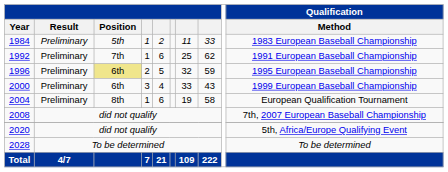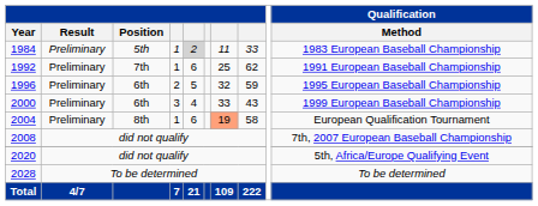 <table class="wikitable" style="font-size:90%; text-align:center;">
 <tr>
 <th style="background:#003399;" colspan="8"><a href='#'></a></th>
 <th style="background:white; width:1%;" rowspan="16"></th>
 <th style="background:#003399; color:#FFFFFF;">Qualification</th>
 </tr>
 <tr>
 <th>Year</th>
 <th>Result</th>
 <th>Position</th>
 <th></th>
 <th></th>
 <th></th>
 <th></th>
 <th></th>
 <th>Method</th>
 </tr>
 <tr>
 <td> <a href='#'>1984</a></td>
 <td><em>Preliminary</em></td>
 <td><em>5th</em></td>
 <td><em>1</em></td>
-<td><em>2</em></td>
+<td style="background: lightgrey;"><em>2</em></td>
 <td></td>
 <td><em>11</em></td>
 <td><em>33</em></td>
 <td> <a href='#'>1983 European Baseball Championship</a></td>
 </tr>
 <tr>
 <td> <a href='#'>1992</a></td>
 <td>Preliminary</td>
 <td>7th</td>
 <td>1</td>
 <td>6</td>
 <td></td>
 <td>25</td>
 <td>62</td>
 <td> <a href='#'>1991 European Baseball Championship</a></td>
 </tr>
 <tr>
 <td> <a href='#'>1996</a></td>
 <td>Preliminary</td>
-<td style="background: khaki;">6th</td>
+<td>6th</td>
 <td>2</td>
 <td>5</td>
 <td></td>
 <td>32</td>
 <td>59</td>
 <td> <a href='#'>1995 European Baseball Championship</a></td>
 </tr>
 <tr>
 <td> <a href='#'>2000</a></td>
 <td>Preliminary</td>
 <td>6th</td>
 <td>3</td>
 <td>4</td>
 <td></td>
 <td>33</td>
 <td>43</td>
 <td> <a href='#'>1999 European Baseball Championship</a></td>
 </tr>
 <tr>
 <td> <a href='#'>2004</a></td>
 <td>Preliminary</td>
 <td>8th</td>
 <td>1</td>
 <td>6</td>
 <td></td>
-<td>19</td>
+<td style="background: lightsalmon;">19</td>
 <td>58</td>
 <td> European Qualification Tournament</td>
 </tr>
 <tr>
 <td> <a href='#'>2008</a></td>
 <td colspan=7 align=center><em>did not qualify</em></td>
 <td>7th, <a href='#'>2007 European Baseball Championship</a></td>
 </tr>
 <tr>
 </tr>
 <tr>
 <td> <a href='#'>2020</a></td>
 <td colspan=7 align=center><em>did not qualify</em></td>
 <td>5th, <a href='#'>Africa/Europe Qualifying Event</a></td>
 </tr>
 <tr>
 <td> <a href='#'>2028</a></td>
 <td colspan="7"><em>To be determined</em></td>
 <td><em>To be determined</em></td>
 </tr>
 <tr>
 <td style="color:white; background:#003399;"><strong>Total</strong></td>
 <td style="color:white; background:#003399;"><strong>4/7</strong></td>
 <td style="color:white; background:#003399;"></td>
 <td style="color:white; background:#003399;"><strong>7</strong></td>
 <td style="color:white; background:#003399;"><strong>21</strong></td>
 <td style="color:white; background:#003399;"><strong></strong></td>
 <td style="color:white; background:#003399;"><strong>109</strong></td>
 <td style="color:white; background:#003399;"><strong>222</strong></td>
 <td style="color:white; background:#003399;"></td>
 </tr>
 </table>
